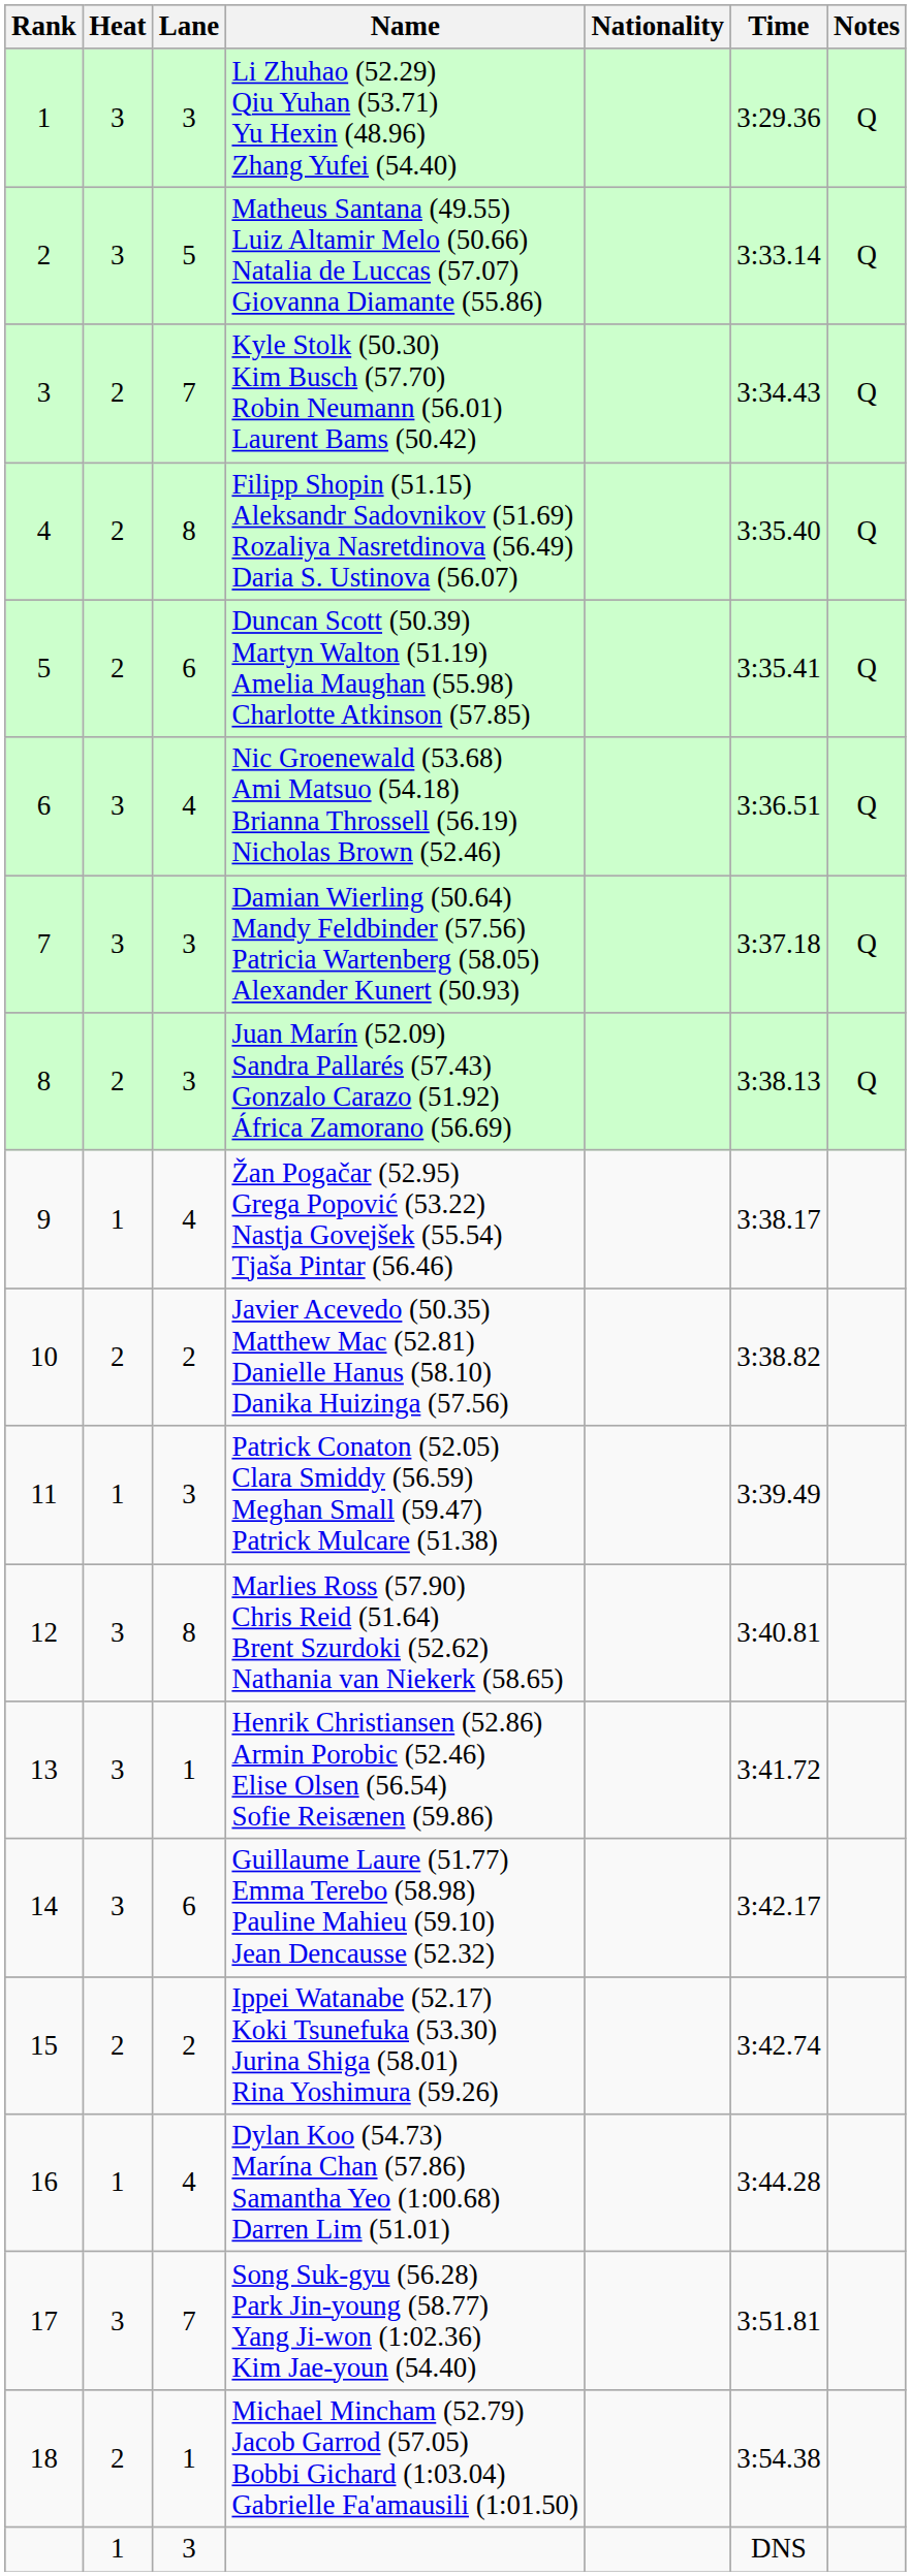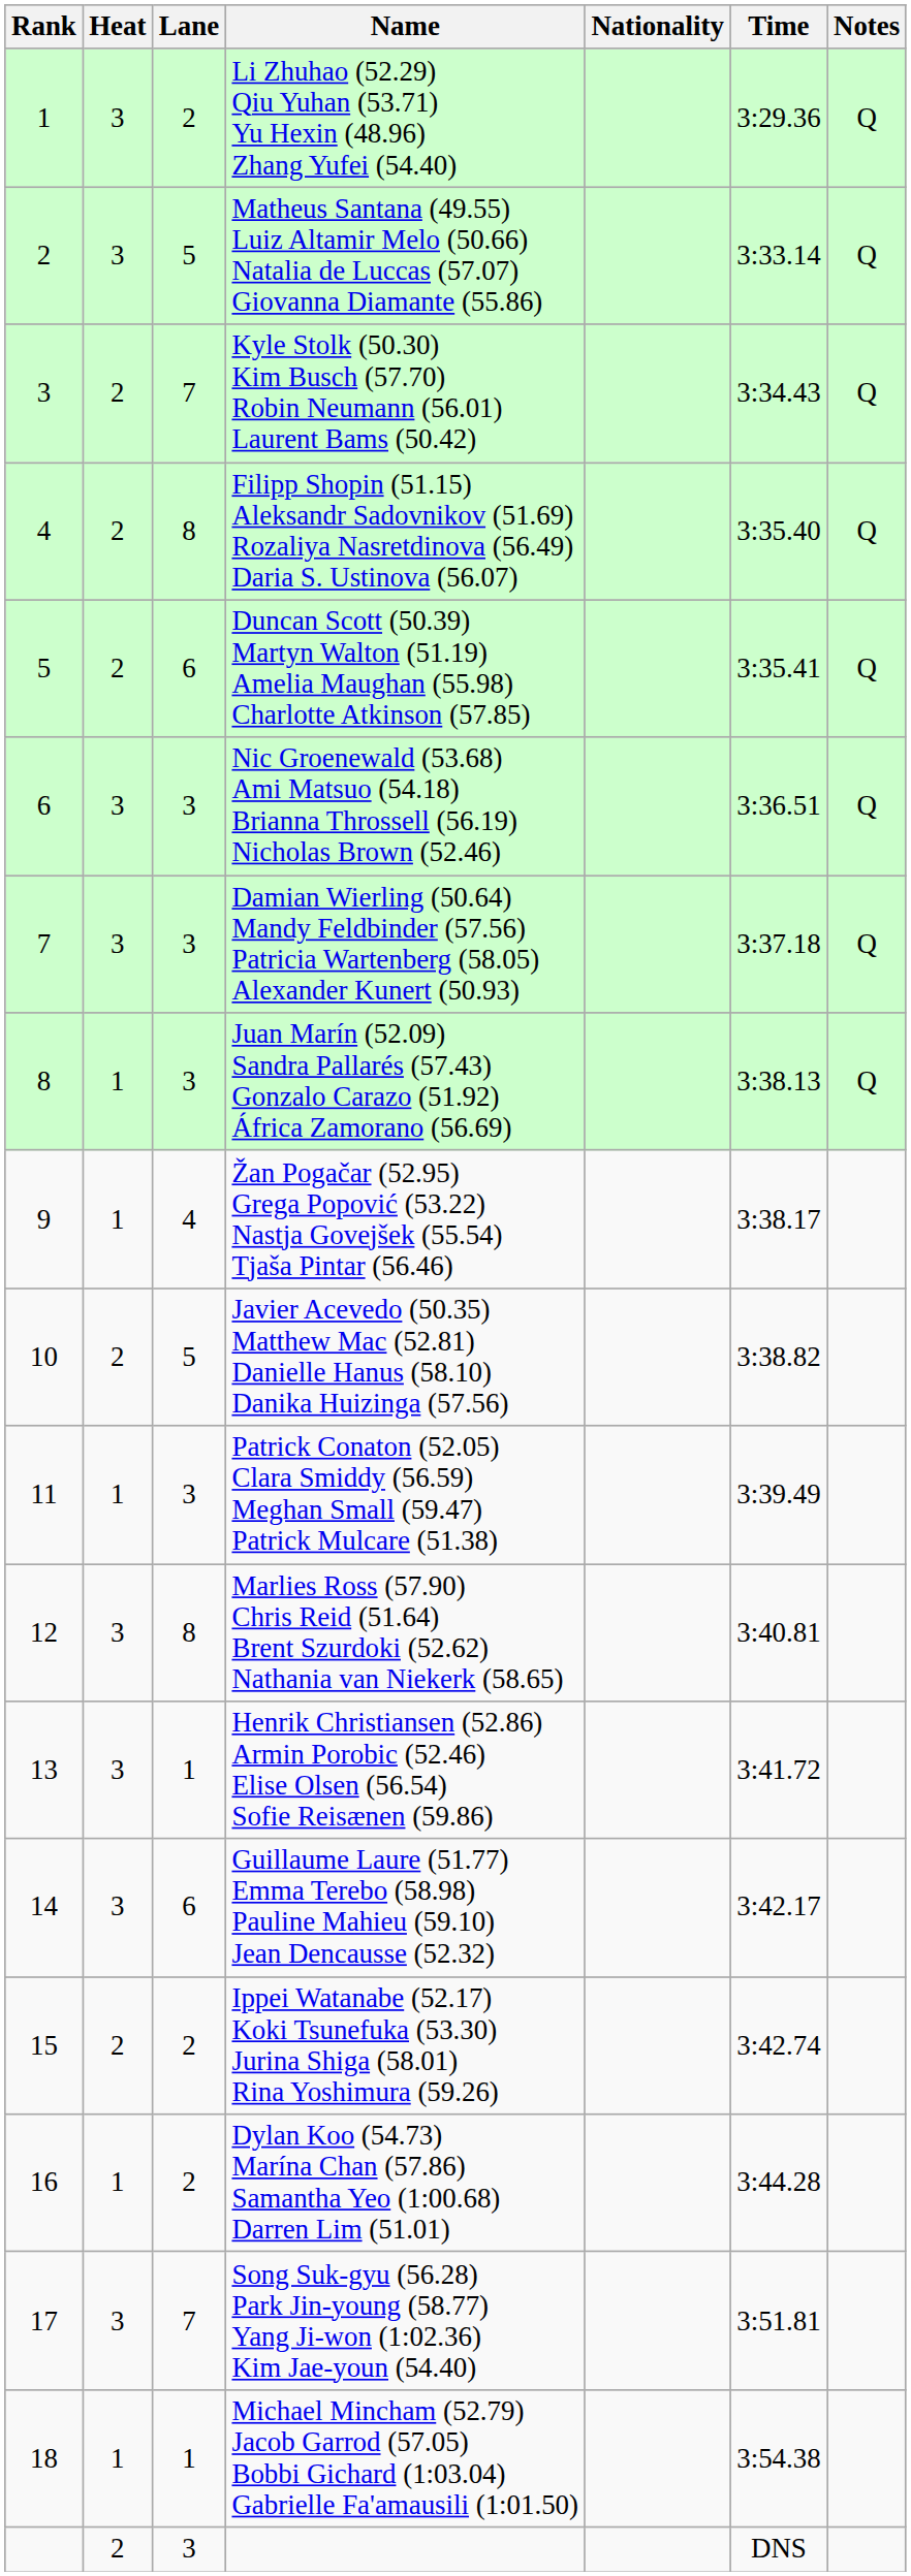 <table class="wikitable sortable" style="text-align:center">
 <tr>
 <th>Rank</th>
 <th>Heat</th>
 <th>Lane</th>
 <th>Name</th>
 <th>Nationality</th>
 <th>Time</th>
 <th>Notes</th>
 </tr>
 <tr bgcolor=ccffcc>
 <td>1</td>
 <td>3</td>
-<td>3</td>
+<td>2</td>
 <td align=left><a href='#'>Li Zhuhao</a> (52.29)<br><a href='#'>Qiu Yuhan</a> (53.71)<br><a href='#'>Yu Hexin</a> (48.96)<br><a href='#'>Zhang Yufei</a> (54.40)</td>
 <td align=left></td>
 <td>3:29.36</td>
 <td>Q</td>
 </tr>
 <tr bgcolor=ccffcc>
 <td>2</td>
 <td>3</td>
 <td>5</td>
 <td align=left><a href='#'>Matheus Santana</a> (49.55)<br><a href='#'>Luiz Altamir Melo</a> (50.66)<br><a href='#'>Natalia de Luccas</a> (57.07)<br><a href='#'>Giovanna Diamante</a> (55.86)</td>
 <td align=left></td>
 <td>3:33.14</td>
 <td>Q</td>
 </tr>
 <tr bgcolor=ccffcc>
 <td>3</td>
 <td>2</td>
 <td>7</td>
 <td align=left><a href='#'>Kyle Stolk</a> (50.30)<br><a href='#'>Kim Busch</a> (57.70)<br><a href='#'>Robin Neumann</a> (56.01)<br><a href='#'>Laurent Bams</a> (50.42)</td>
 <td align=left></td>
 <td>3:34.43</td>
 <td>Q</td>
 </tr>
 <tr bgcolor=ccffcc>
 <td>4</td>
 <td>2</td>
 <td>8</td>
 <td align=left><a href='#'>Filipp Shopin</a> (51.15)<br><a href='#'>Aleksandr Sadovnikov</a> (51.69)<br><a href='#'>Rozaliya Nasretdinova</a> (56.49)<br><a href='#'>Daria S. Ustinova</a> (56.07)</td>
 <td align=left></td>
 <td>3:35.40</td>
 <td>Q</td>
 </tr>
 <tr bgcolor=ccffcc>
 <td>5</td>
 <td>2</td>
 <td>6</td>
 <td align=left><a href='#'>Duncan Scott</a> (50.39)<br><a href='#'>Martyn Walton</a> (51.19)<br><a href='#'>Amelia Maughan</a> (55.98)<br><a href='#'>Charlotte Atkinson</a> (57.85)</td>
 <td align=left></td>
 <td>3:35.41</td>
 <td>Q</td>
 </tr>
 <tr bgcolor=ccffcc>
 <td>6</td>
 <td>3</td>
-<td>4</td>
+<td>3</td>
 <td align=left><a href='#'>Nic Groenewald</a> (53.68)<br><a href='#'>Ami Matsuo</a> (54.18)<br><a href='#'>Brianna Throssell</a> (56.19)<br><a href='#'>Nicholas Brown</a> (52.46)</td>
 <td align=left></td>
 <td>3:36.51</td>
 <td>Q</td>
 </tr>
 <tr bgcolor=ccffcc>
 <td>7</td>
 <td>3</td>
 <td>3</td>
 <td align=left><a href='#'>Damian Wierling</a> (50.64)<br><a href='#'>Mandy Feldbinder</a> (57.56)<br><a href='#'>Patricia Wartenberg</a> (58.05)<br><a href='#'>Alexander Kunert</a> (50.93)</td>
 <td align=left></td>
 <td>3:37.18</td>
 <td>Q</td>
 </tr>
 <tr bgcolor=ccffcc>
 <td>8</td>
-<td>2</td>
+<td>1</td>
 <td>3</td>
 <td align=left><a href='#'>Juan Marín</a> (52.09)<br><a href='#'>Sandra Pallarés</a> (57.43)<br><a href='#'>Gonzalo Carazo</a> (51.92)<br><a href='#'>África Zamorano</a> (56.69)</td>
 <td align=left></td>
 <td>3:38.13</td>
 <td>Q</td>
 </tr>
 <tr>
 <td>9</td>
 <td>1</td>
 <td>4</td>
 <td align=left><a href='#'>Žan Pogačar</a> (52.95)<br><a href='#'>Grega Popović</a> (53.22)<br><a href='#'>Nastja Govejšek</a> (55.54)<br><a href='#'>Tjaša Pintar</a> (56.46)</td>
 <td align=left></td>
 <td>3:38.17</td>
 <td></td>
 </tr>
 <tr>
 <td>10</td>
 <td>2</td>
-<td>2</td>
+<td>5</td>
 <td align=left><a href='#'>Javier Acevedo</a> (50.35)<br><a href='#'>Matthew Mac</a> (52.81)<br><a href='#'>Danielle Hanus</a> (58.10)<br><a href='#'>Danika Huizinga</a> (57.56)</td>
 <td align=left></td>
 <td>3:38.82</td>
 <td></td>
 </tr>
 <tr>
 <td>11</td>
 <td>1</td>
 <td>3</td>
 <td align=left><a href='#'>Patrick Conaton</a> (52.05)<br><a href='#'>Clara Smiddy</a> (56.59)<br><a href='#'>Meghan Small</a> (59.47)<br><a href='#'>Patrick Mulcare</a> (51.38)</td>
 <td align=left></td>
 <td>3:39.49</td>
 <td></td>
 </tr>
 <tr>
 <td>12</td>
 <td>3</td>
 <td>8</td>
 <td align=left><a href='#'>Marlies Ross</a> (57.90)<br><a href='#'>Chris Reid</a> (51.64)<br><a href='#'>Brent Szurdoki</a> (52.62)<br><a href='#'>Nathania van Niekerk</a> (58.65)</td>
 <td align=left></td>
 <td>3:40.81</td>
 <td></td>
 </tr>
 <tr>
 <td>13</td>
 <td>3</td>
 <td>1</td>
 <td align=left><a href='#'>Henrik Christiansen</a> (52.86)<br><a href='#'>Armin Porobic</a> (52.46)<br><a href='#'>Elise Olsen</a> (56.54)<br><a href='#'>Sofie Reisænen</a> (59.86)</td>
 <td align=left></td>
 <td>3:41.72</td>
 <td></td>
 </tr>
 <tr>
 <td>14</td>
 <td>3</td>
 <td>6</td>
 <td align=left><a href='#'>Guillaume Laure</a> (51.77)<br><a href='#'>Emma Terebo</a> (58.98)<br><a href='#'>Pauline Mahieu</a> (59.10)<br><a href='#'>Jean Dencausse</a> (52.32)</td>
 <td align=left></td>
 <td>3:42.17</td>
 <td></td>
 </tr>
 <tr>
 <td>15</td>
 <td>2</td>
 <td>2</td>
 <td align=left><a href='#'>Ippei Watanabe</a> (52.17)<br><a href='#'>Koki Tsunefuka</a> (53.30)<br><a href='#'>Jurina Shiga</a> (58.01)<br><a href='#'>Rina Yoshimura</a> (59.26)</td>
 <td align=left></td>
 <td>3:42.74</td>
 <td></td>
 </tr>
 <tr>
 <td>16</td>
 <td>1</td>
-<td>4</td>
+<td>2</td>
 <td align=left><a href='#'>Dylan Koo</a> (54.73)<br><a href='#'>Marína Chan</a> (57.86)<br><a href='#'>Samantha Yeo</a> (1:00.68)<br><a href='#'>Darren Lim</a> (51.01)</td>
 <td align=left></td>
 <td>3:44.28</td>
 <td></td>
 </tr>
 <tr>
 <td>17</td>
 <td>3</td>
 <td>7</td>
 <td align=left><a href='#'>Song Suk-gyu</a> (56.28)<br><a href='#'>Park Jin-young</a> (58.77)<br><a href='#'>Yang Ji-won</a> (1:02.36)<br><a href='#'>Kim Jae-youn</a> (54.40)</td>
 <td align=left></td>
 <td>3:51.81</td>
 <td></td>
 </tr>
 <tr>
 <td>18</td>
-<td>2</td>
+<td>1</td>
 <td>1</td>
 <td align=left><a href='#'>Michael Mincham</a> (52.79)<br><a href='#'>Jacob Garrod</a> (57.05)<br><a href='#'>Bobbi Gichard</a> (1:03.04)<br><a href='#'>Gabrielle Fa'amausili</a> (1:01.50)</td>
 <td align=left></td>
 <td>3:54.38</td>
 <td></td>
 </tr>
 <tr>
 <td></td>
-<td>1</td>
+<td>2</td>
 <td>3</td>
 <td align=left></td>
 <td align=left></td>
 <td>DNS</td>
 <td></td>
 </tr>
 </table>
